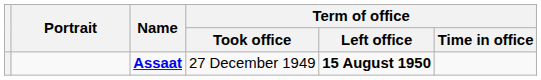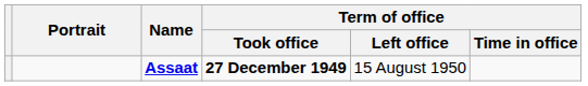 <table class="wikitable" style="text-align:center">
 <tr>
 <th rowspan="2"></th>
 <th rowspan="2" width="120px">Portrait</th>
 <th rowspan="2">Name<br></th>
 <th colspan="3">Term of office</th>
 </tr>
 <tr>
 <th>Took office</th>
 <th>Left office</th>
 <th>Time in office</th>
 </tr>
 <tr>
 <th style="background:"></th>
 <td></td>
 <td><strong><a href='#'>Assaat</a></strong><br></td>
-<td>27 December 1949</td>
-<td><strong>15 August 1950</strong></td>
+<td><strong>27 December 1949</strong></td>
+<td>15 August 1950</td>
 <td></td>
 </tr>
 </table>
